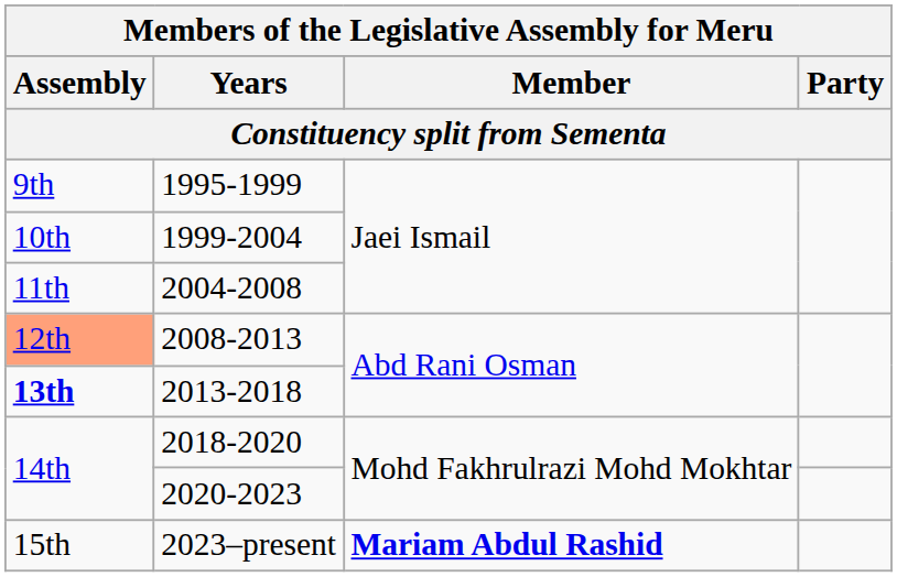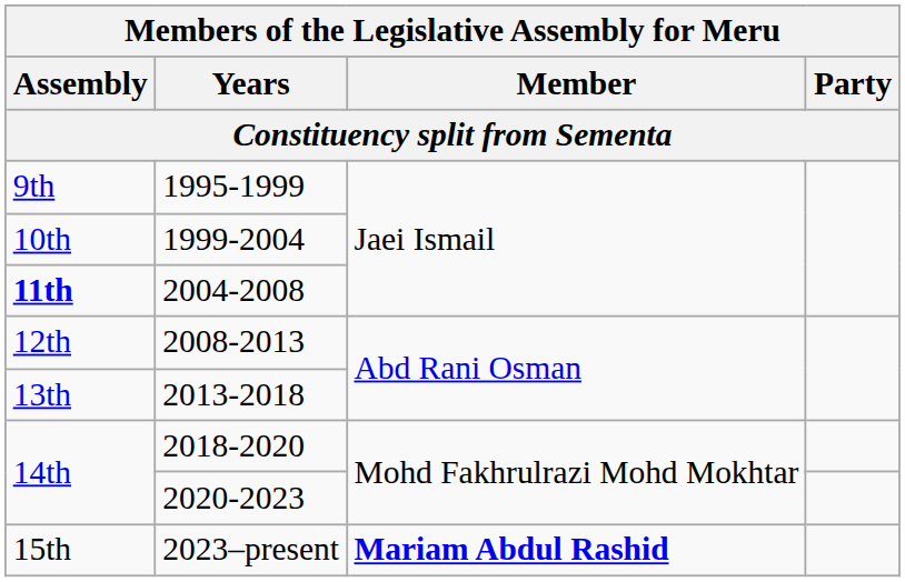 <table class=wikitable>
 <tr>
 <th colspan=4>Members of the Legislative Assembly for Meru</th>
 </tr>
 <tr>
 <th>Assembly</th>
 <th>Years</th>
 <th>Member</th>
 <th>Party</th>
 </tr>
 <tr>
 <th colspan=4 align=center><em>Constituency split from Sementa</em></th>
 </tr>
 <tr>
 <td><a href='#'>9th</a></td>
 <td>1995-1999</td>
 <td rowspan=3>Jaei Ismail</td>
 <td rowspan=3></td>
 </tr>
 <tr>
 <td><a href='#'>10th</a></td>
 <td>1999-2004</td>
 </tr>
 <tr>
-<td><a href='#'>11th</a></td>
+<td><strong><a href='#'>11th</a></strong></td>
 <td>2004-2008</td>
 </tr>
 <tr>
-<td style="background: lightsalmon;"><a href='#'>12th</a></td>
+<td><a href='#'>12th</a></td>
 <td>2008-2013</td>
 <td rowspan=2><a href='#'>Abd Rani Osman</a></td>
 <td rowspan=2></td>
 </tr>
 <tr>
-<td><strong><a href='#'>13th</a></strong></td>
+<td><a href='#'>13th</a></td>
 <td>2013-2018</td>
 </tr>
 <tr>
 <td rowspan="2"><a href='#'>14th</a></td>
 <td>2018-2020</td>
 <td rowspan="2">Mohd Fakhrulrazi Mohd Mokhtar</td>
 <td></td>
 </tr>
 <tr>
 <td>2020-2023</td>
 <td></td>
 </tr>
 <tr>
 <td>15th</td>
 <td>2023–present</td>
 <td><strong><a href='#'>Mariam Abdul Rashid</a></strong></td>
 <td></td>
 </tr>
 </table>
